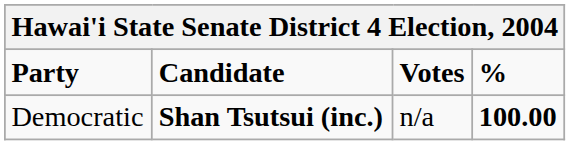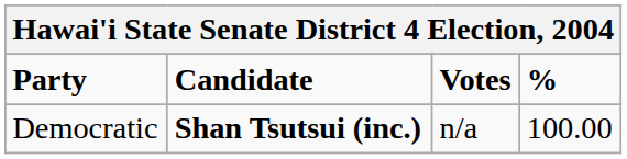 <table class="wikitable">
 <tr>
 <th colspan="4">Hawai'i State Senate District 4 Election, 2004</th>
 </tr>
 <tr>
 <td><strong>Party</strong></td>
 <td><strong>Candidate</strong></td>
 <td><strong>Votes</strong></td>
 <td><strong>%</strong></td>
 </tr>
 <tr>
 <td>Democratic</td>
 <td><strong>Shan Tsutsui (inc.)</strong></td>
 <td>n/a</td>
-<td><strong>100.00</strong></td>
+<td>100.00</td>
 </tr>
 </table>
